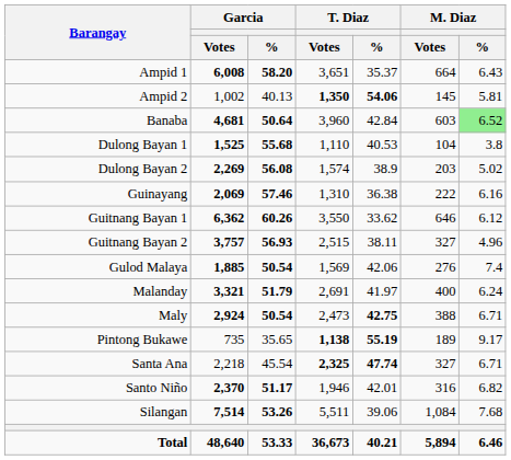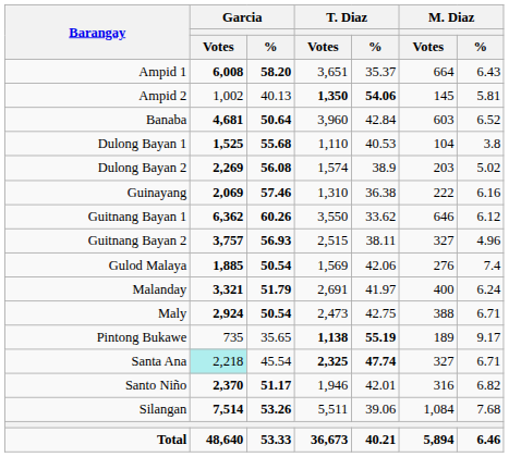 <table class="wikitable collapsed collapsible" style="text-align:right; font-size:95%; line-height:20px;">
 <tr>
 <th rowspan="3" width="200"><a href='#'>Barangay</a></th>
 <th colspan="2" width="110">Garcia</th>
 <th colspan="2" width="110">T. Diaz</th>
 <th colspan="2" width="110">M. Diaz</th>
 </tr>
 <tr>
 <th colspan="2" style="background:"></th>
 <th colspan="2" style="background:"></th>
 <th colspan="2" style="background:"></th>
 </tr>
 <tr>
 <th>Votes</th>
 <th>%</th>
 <th>Votes</th>
 <th>%</th>
 <th>Votes</th>
 <th>%</th>
 </tr>
 <tr>
 <td>Ampid 1</td>
 <td style="background-color:#"><strong>6,008</strong></td>
 <td style="background-color:#"><strong>58.20</strong></td>
 <td>3,651</td>
 <td>35.37</td>
 <td>664</td>
 <td>6.43</td>
 </tr>
 <tr>
 <td>Ampid 2</td>
 <td>1,002</td>
 <td>40.13</td>
 <td style="background-color:#"><strong>1,350</strong></td>
 <td style="background-color:#"><strong>54.06</strong></td>
 <td>145</td>
 <td>5.81</td>
 </tr>
 <tr>
 <td>Banaba</td>
 <td style="background-color:#"><strong>4,681</strong></td>
 <td style="background-color:#"><strong>50.64</strong></td>
 <td>3,960</td>
 <td>42.84</td>
 <td>603</td>
-<td style="background: lightgreen;">6.52</td>
+<td>6.52</td>
 </tr>
 <tr>
 <td>Dulong Bayan 1</td>
 <td style="background-color:#"><strong>1,525</strong></td>
 <td style="background-color:#"><strong>55.68</strong></td>
 <td>1,110</td>
 <td>40.53</td>
 <td>104</td>
 <td>3.8</td>
 </tr>
 <tr>
 <td>Dulong Bayan 2</td>
 <td style="background-color:#"><strong>2,269</strong></td>
 <td style="background-color:#"><strong>56.08</strong></td>
 <td>1,574</td>
 <td>38.9</td>
 <td>203</td>
 <td>5.02</td>
 </tr>
 <tr>
 <td>Guinayang</td>
 <td style="background-color:#"><strong>2,069</strong></td>
 <td style="background-color:#"><strong>57.46</strong></td>
 <td>1,310</td>
 <td>36.38</td>
 <td>222</td>
 <td>6.16</td>
 </tr>
 <tr>
 <td>Guitnang Bayan 1</td>
 <td style="background-color:#"><strong>6,362</strong></td>
 <td style="background-color:#"><strong>60.26</strong></td>
 <td>3,550</td>
 <td>33.62</td>
 <td>646</td>
 <td>6.12</td>
 </tr>
 <tr>
 <td>Guitnang Bayan 2</td>
 <td style="background-color:#"><strong>3,757</strong></td>
 <td style="background-color:#"><strong>56.93</strong></td>
 <td>2,515</td>
 <td>38.11</td>
 <td>327</td>
 <td>4.96</td>
 </tr>
 <tr>
 <td>Gulod Malaya</td>
 <td style="background-color:#"><strong>1,885</strong></td>
 <td style="background-color:#"><strong>50.54</strong></td>
 <td>1,569</td>
 <td>42.06</td>
 <td>276</td>
 <td>7.4</td>
 </tr>
 <tr>
 <td>Malanday</td>
 <td style="background-color:#"><strong>3,321</strong></td>
 <td style="background-color:#"><strong>51.79</strong></td>
 <td>2,691</td>
 <td>41.97</td>
 <td>400</td>
 <td>6.24</td>
 </tr>
 <tr>
 <td>Maly</td>
 <td style="background-color:#"><strong>2,924</strong></td>
 <td style="background-color:#"><strong>50.54</strong></td>
 <td>2,473</td>
-<td><strong>42.75</strong></td>
+<td>42.75</td>
 <td>388</td>
 <td>6.71</td>
 </tr>
 <tr>
 <td>Pintong Bukawe</td>
 <td>735</td>
 <td>35.65</td>
 <td style="background-color:#"><strong>1,138</strong></td>
 <td style="background-color:#"><strong>55.19</strong></td>
 <td>189</td>
 <td>9.17</td>
 </tr>
 <tr>
 <td>Santa Ana</td>
-<td>2,218</td>
+<td style="background: paleturquoise;">2,218</td>
 <td>45.54</td>
 <td style="background-color:#"><strong>2,325</strong></td>
 <td style="background-color:#"><strong>47.74</strong></td>
 <td>327</td>
 <td>6.71</td>
 </tr>
 <tr>
 <td>Santo Niño</td>
 <td style="background-color:#"><strong>2,370</strong></td>
 <td style="background-color:#"><strong>51.17</strong></td>
 <td>1,946</td>
 <td>42.01</td>
 <td>316</td>
 <td>6.82</td>
 </tr>
 <tr>
 <td>Silangan</td>
 <td style="background-color:#"><strong>7,514</strong></td>
 <td style="background-color:#"><strong>53.26</strong></td>
 <td>5,511</td>
 <td>39.06</td>
 <td>1,084</td>
 <td>7.68</td>
 </tr>
 <tr>
 <th colspan="7"></th>
 </tr>
 <tr>
 <td><strong>Total</strong></td>
 <td style="background-color:#"><strong>48,640</strong></td>
 <td style="background-color:#"><strong>53.33</strong></td>
 <td><strong>36,673</strong></td>
 <td><strong>40.21</strong></td>
 <td><strong>5,894</strong></td>
 <td><strong>6.46</strong></td>
 </tr>
 </table>
